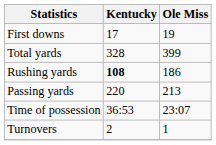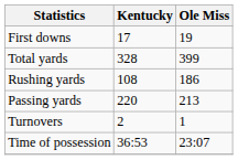 <table class="wikitable" style="float: left;">
 <tr>
 <th>Statistics</th>
 <th>Kentucky</th>
 <th>Ole Miss</th>
 </tr>
 <tr>
 <td>First downs</td>
 <td>17</td>
 <td>19</td>
 </tr>
 <tr>
 <td>Total yards</td>
 <td>328</td>
 <td>399</td>
 </tr>
 <tr>
 <td>Rushing yards</td>
-<td><strong>108</strong></td>
+<td>108</td>
 <td>186</td>
 </tr>
 <tr>
 <td>Passing yards</td>
 <td>220</td>
 <td>213</td>
 </tr>
 <tr>
+<td>Turnovers</td>
+<td>2</td>
+<td>1</td>
+</tr>
+<tr>
 <td>Time of possession</td>
 <td>36:53</td>
 <td>23:07</td>
 </tr>
 <tr>
-<td>Turnovers</td>
-<td>2</td>
-<td>1</td>
-</tr>
-<tr>
 </tr>
 </table>
